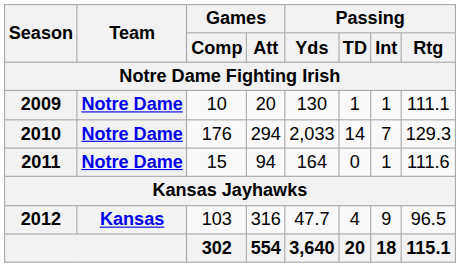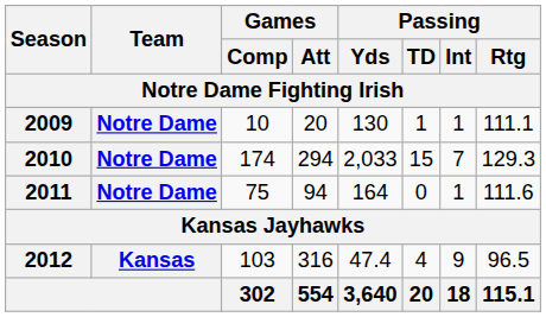 <table class="wikitable" style="text-align: center;">
 <tr>
 <th rowspan="2">Season</th>
 <th rowspan="2">Team</th>
 <th colspan="2">Games</th>
 <th colspan="6">Passing</th>
 </tr>
 <tr>
 <th>Comp</th>
 <th>Att</th>
 <th>Yds</th>
 <th>TD</th>
 <th>Int</th>
 <th>Rtg</th>
 </tr>
 <tr>
 <th colspan="10">Notre Dame Fighting Irish</th>
 </tr>
 <tr>
 <th>2009</th>
 <th><a href='#'>Notre Dame</a></th>
 <td>10</td>
 <td>20</td>
 <td>130</td>
 <td>1</td>
 <td>1</td>
 <td>111.1</td>
 </tr>
 <tr>
 <th>2010</th>
 <th><a href='#'>Notre Dame</a></th>
-<td>176</td>
+<td>174</td>
 <td>294</td>
 <td>2,033</td>
-<td>14</td>
+<td>15</td>
 <td>7</td>
 <td>129.3</td>
 </tr>
 <tr>
 <th>2011</th>
 <th><a href='#'>Notre Dame</a></th>
-<td>15</td>
+<td>75</td>
 <td>94</td>
 <td>164</td>
 <td>0</td>
 <td>1</td>
 <td>111.6</td>
 </tr>
 <tr>
 <th colspan="12">Kansas Jayhawks</th>
 </tr>
 <tr>
 <th>2012</th>
 <th><a href='#'>Kansas</a></th>
 <td>103</td>
 <td>316</td>
-<td>47.7</td>
+<td>47.4</td>
 <td>4</td>
 <td>9</td>
 <td>96.5</td>
 </tr>
 <tr>
 <th colspan="2"></th>
 <th>302</th>
 <th>554</th>
 <th>3,640</th>
 <th>20</th>
 <th>18</th>
 <th>115.1</th>
 </tr>
 </table>
